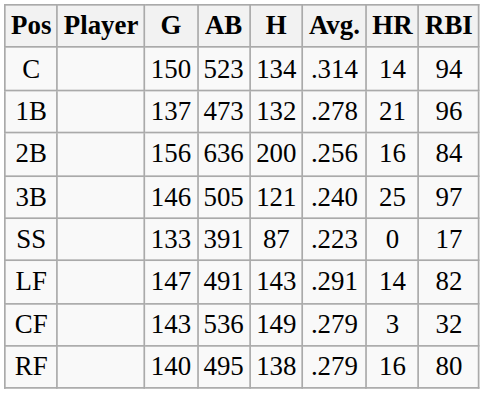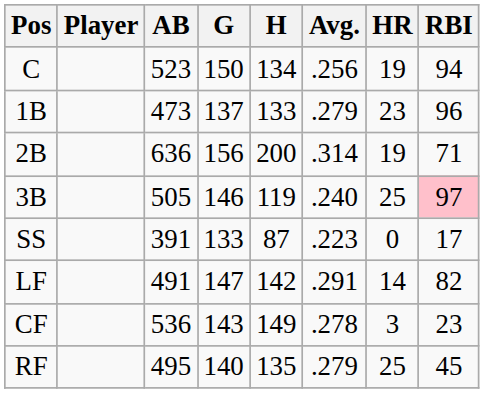 <table class="wikitable sortable" style="text-align:center">
 <tr>
 <th>Pos</th>
 <th>Player</th>
+<th>AB</th>
 <th>G</th>
-<th>AB</th>
 <th>H</th>
 <th>Avg.</th>
 <th>HR</th>
 <th>RBI</th>
 </tr>
 <tr>
 <td>C</td>
 <td></td>
+<td>523</td>
 <td>150</td>
-<td>523</td>
 <td>134</td>
-<td>.314</td>
-<td>14</td>
+<td>.256</td>
+<td>19</td>
 <td>94</td>
 </tr>
 <tr>
 <td>1B</td>
 <td></td>
+<td>473</td>
 <td>137</td>
-<td>473</td>
-<td>132</td>
-<td>.278</td>
-<td>21</td>
+<td>133</td>
+<td>.279</td>
+<td>23</td>
 <td>96</td>
 </tr>
 <tr>
 <td>2B</td>
 <td></td>
+<td>636</td>
 <td>156</td>
-<td>636</td>
 <td>200</td>
-<td>.256</td>
-<td>16</td>
-<td>84</td>
+<td>.314</td>
+<td>19</td>
+<td>71</td>
 </tr>
 <tr>
 <td>3B</td>
 <td></td>
+<td>505</td>
 <td>146</td>
-<td>505</td>
-<td>121</td>
+<td>119</td>
 <td>.240</td>
 <td>25</td>
-<td>97</td>
+<td style="background: pink;">97</td>
 </tr>
 <tr>
 <td>SS</td>
 <td></td>
+<td>391</td>
 <td>133</td>
-<td>391</td>
 <td>87</td>
 <td>.223</td>
 <td>0</td>
 <td>17</td>
 </tr>
 <tr>
 <td>LF</td>
 <td></td>
+<td>491</td>
 <td>147</td>
-<td>491</td>
-<td>143</td>
+<td>142</td>
 <td>.291</td>
 <td>14</td>
 <td>82</td>
 </tr>
 <tr>
 <td>CF</td>
 <td></td>
+<td>536</td>
 <td>143</td>
-<td>536</td>
 <td>149</td>
-<td>.279</td>
+<td>.278</td>
 <td>3</td>
-<td>32</td>
+<td>23</td>
 </tr>
 <tr>
 <td>RF</td>
 <td></td>
+<td>495</td>
 <td>140</td>
-<td>495</td>
-<td>138</td>
+<td>135</td>
 <td>.279</td>
-<td>16</td>
-<td>80</td>
+<td>25</td>
+<td>45</td>
 </tr>
 </table>
